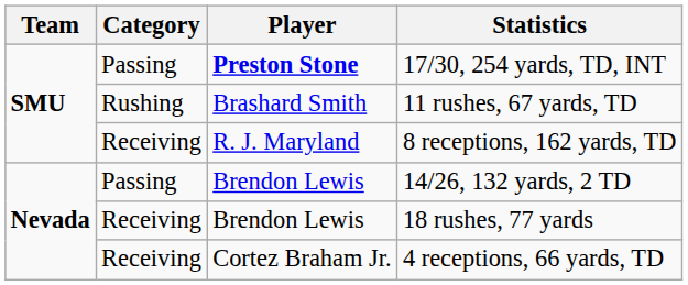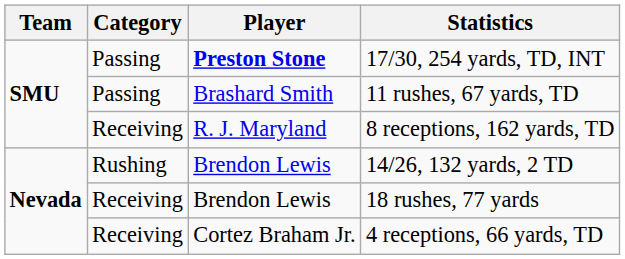 <table class="wikitable" style="float: right;">
 <tr>
 <th>Team</th>
 <th>Category</th>
 <th>Player</th>
 <th>Statistics</th>
 </tr>
 <tr>
 <td rowspan=3><strong>SMU</strong></td>
 <td>Passing</td>
 <td><strong><a href='#'>Preston Stone</a></strong></td>
 <td>17/30, 254 yards, TD, INT</td>
 </tr>
 <tr>
-<td>Rushing</td>
+<td>Passing</td>
 <td><a href='#'>Brashard Smith</a></td>
 <td>11 rushes, 67 yards, TD</td>
 </tr>
 <tr>
 <td>Receiving</td>
 <td><a href='#'>R. J. Maryland</a></td>
 <td>8 receptions, 162 yards, TD</td>
 </tr>
 <tr>
 <td rowspan=3><strong>Nevada</strong></td>
-<td>Passing</td>
+<td>Rushing</td>
 <td><a href='#'>Brendon Lewis</a></td>
 <td>14/26, 132 yards, 2 TD</td>
 </tr>
 <tr>
 <td>Receiving</td>
 <td>Brendon Lewis</td>
 <td>18 rushes, 77 yards</td>
 </tr>
 <tr>
 <td>Receiving</td>
 <td>Cortez Braham Jr.</td>
 <td>4 receptions, 66 yards, TD</td>
 </tr>
 </table>
